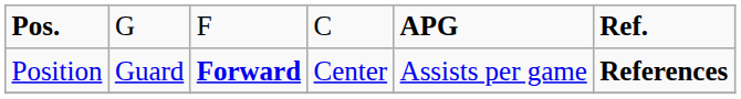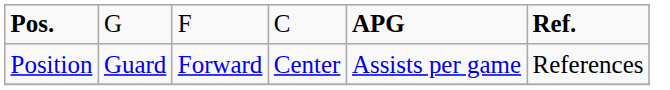 <table class="wikitable">
 <tr>
 <td><strong>Pos.</strong></td>
 <td>G</td>
 <td>F</td>
 <td>C</td>
 <td><strong>APG</strong></td>
 <td><strong>Ref.</strong></td>
 </tr>
 <tr>
 <td><a href='#'>Position</a></td>
 <td><a href='#'>Guard</a></td>
-<td><strong><a href='#'>Forward</a></strong></td>
+<td><a href='#'>Forward</a></td>
 <td><a href='#'>Center</a></td>
 <td><a href='#'>Assists per game</a></td>
-<td><strong>References</strong></td>
+<td>References</td>
 </tr>
 <tr>
 </tr>
 </table>
